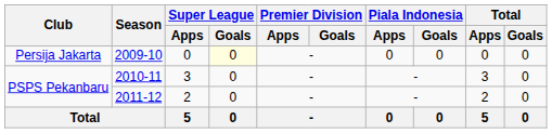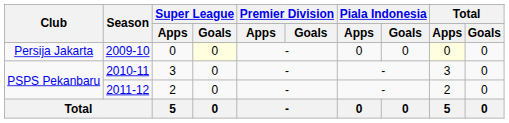 <table class="wikitable" style="font-size:90%; text-align:center;">
 <tr>
 <th rowspan="2">Club</th>
 <th rowspan="2">Season</th>
 <th colspan="2"><a href='#'>Super League</a></th>
 <th colspan="2"><a href='#'>Premier Division</a></th>
 <th colspan="2"><a href='#'>Piala Indonesia</a></th>
 <th colspan="2">Total</th>
 </tr>
 <tr>
 <th>Apps</th>
 <th>Goals</th>
 <th>Apps</th>
 <th>Goals</th>
 <th>Apps</th>
 <th>Goals</th>
 <th>Apps</th>
 <th>Goals</th>
 </tr>
 <tr>
 <td rowspan="1"><a href='#'>Persija Jakarta</a></td>
 <td><a href='#'>2009-10</a></td>
 <td>0</td>
 <td style="background: lightyellow;">0</td>
 <td colspan="2">-</td>
 <td>0</td>
 <td>0</td>
-<td>0</td>
+<td style="background: lightyellow;">0</td>
 <td>0</td>
 </tr>
 <tr>
 <td rowspan="2"><a href='#'>PSPS Pekanbaru</a></td>
 <td><a href='#'>2010-11</a></td>
 <td>3</td>
 <td>0</td>
 <td colspan="2">-</td>
 <td colspan="2">-</td>
 <td>3</td>
 <td>0</td>
 </tr>
 <tr>
 <td><a href='#'>2011-12</a></td>
 <td>2</td>
 <td>0</td>
 <td colspan="2">-</td>
 <td colspan="2">-</td>
 <td>2</td>
 <td>0</td>
 </tr>
 <tr>
 <th colspan="2">Total</th>
 <th>5</th>
 <th>0</th>
 <th colspan="2">-</th>
 <th>0</th>
 <th>0</th>
 <th>5</th>
 <th>0</th>
 </tr>
 </table>
